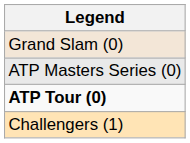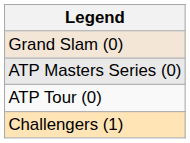 <table class=wikitable>
 <tr>
 <th>Legend</th>
 </tr>
 <tr style="background:#f3e6d7;">
 <td>Grand Slam (0)</td>
 </tr>
 <tr style="background:#e9e9e9;">
 <td>ATP Masters Series (0)</td>
 </tr>
 <tr bgcolor=>
-<td><strong>ATP Tour (0)</strong></td>
+<td>ATP Tour (0)</td>
 </tr>
 <tr style="background:moccasin;">
 <td>Challengers (1)</td>
 </tr>
 </table>
